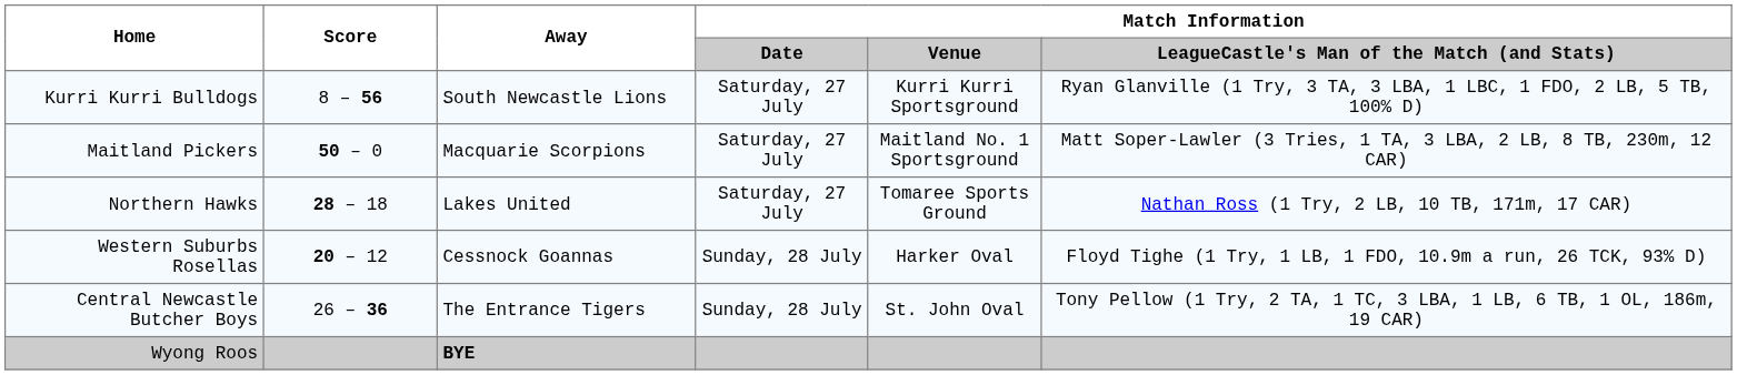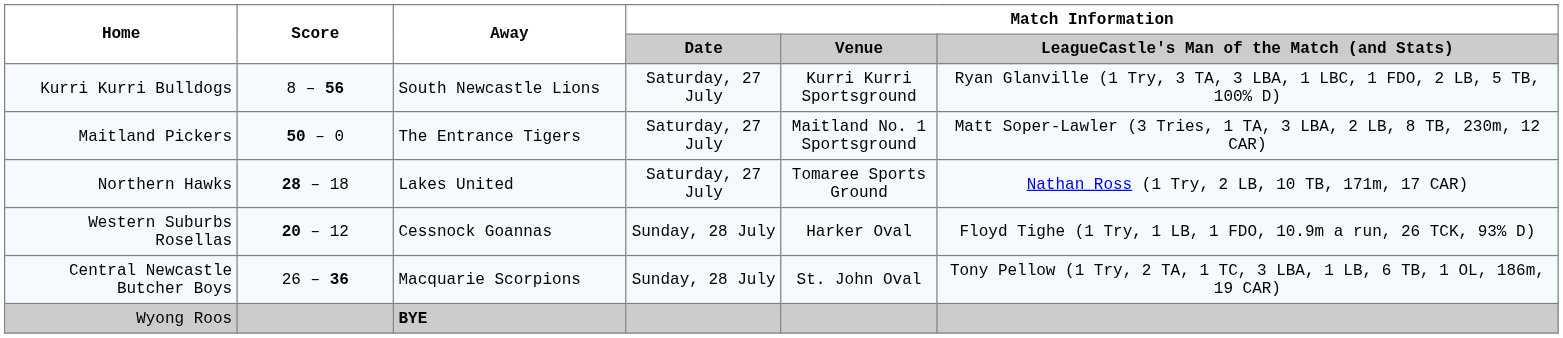 <table width="100%" cellspacing="0" cellpadding="4" border="1" style="border-collapse:collapse;  text-align:center;">
 <tr>
 <th rowspan="2" width="15%">Home</th>
 <th rowspan="2" width="10%">Score</th>
 <th rowspan="2" width="15%">Away</th>
 <th colspan="4">Match Information</th>
 </tr>
 <tr style="background:#CCCCCC">
 <th width="10%">Date</th>
 <th width="10%">Venue</th>
 <th width="40%">LeagueCastle's Man of the Match (and Stats)</th>
 </tr>
 <tr style="text-align:center; background:#f5faff;">
 <td align="right"> Kurri Kurri Bulldogs</td>
 <td>8 – <strong>56</strong></td>
 <td align="left"> South Newcastle Lions</td>
 <td>Saturday, 27 July</td>
 <td>Kurri Kurri Sportsground</td>
 <td>Ryan Glanville  (1 Try, 3 TA, 3 LBA, 1 LBC, 1 FDO, 2 LB, 5 TB, 100% D)</td>
 </tr>
 <tr style="text-align:center; background:#f5faff;">
 <td align="right"> Maitland Pickers</td>
 <td><strong>50</strong> – 0</td>
-<td align="left"> Macquarie Scorpions</td>
+<td align="left"> The Entrance Tigers</td>
 <td>Saturday, 27 July</td>
 <td>Maitland No. 1 Sportsground</td>
 <td>Matt Soper-Lawler  (3 Tries, 1 TA, 3 LBA, 2 LB, 8 TB, 230m, 12 CAR)</td>
 </tr>
 <tr style="text-align:center; background:#f5faff;">
 <td align="right"> Northern Hawks</td>
 <td><strong>28</strong> – 18</td>
 <td align="left"> Lakes United</td>
 <td>Saturday, 27 July</td>
 <td>Tomaree Sports Ground</td>
 <td><a href='#'>Nathan Ross</a>  (1 Try, 2 LB, 10 TB, 171m, 17 CAR)</td>
 </tr>
 <tr style="text-align:center; background:#f5faff;">
 <td align="right"> Western Suburbs Rosellas</td>
 <td><strong>20</strong> – 12</td>
 <td align="left"> Cessnock Goannas</td>
 <td>Sunday, 28 July</td>
 <td>Harker Oval</td>
 <td>Floyd Tighe  (1 Try, 1 LB, 1 FDO, 10.9m a run, 26 TCK, 93% D)</td>
 </tr>
 <tr style="text-align:center; background:#f5faff;">
 <td align="right"> Central Newcastle Butcher Boys</td>
 <td>26 – <strong>36</strong></td>
-<td align="left"> The Entrance Tigers</td>
+<td align="left"> Macquarie Scorpions</td>
 <td>Sunday, 28 July</td>
 <td>St. John Oval</td>
 <td>Tony Pellow  (1 Try, 2 TA, 1 TC, 3 LBA, 1 LB, 6 TB, 1 OL, 186m, 19 CAR)</td>
 </tr>
 <tr style="text-align:center; background:#CCCCCC;">
 <td align="right"> Wyong Roos</td>
 <td></td>
 <td align="left"><strong>BYE</strong></td>
 <td></td>
 <td></td>
 <td></td>
 </tr>
 </table>
